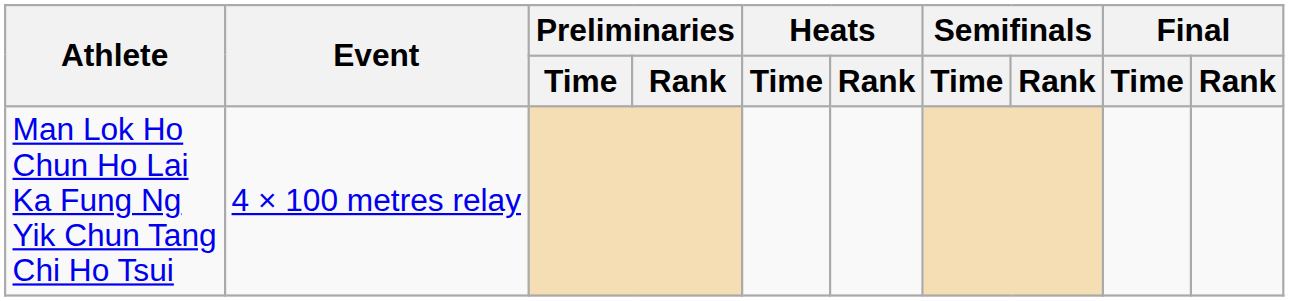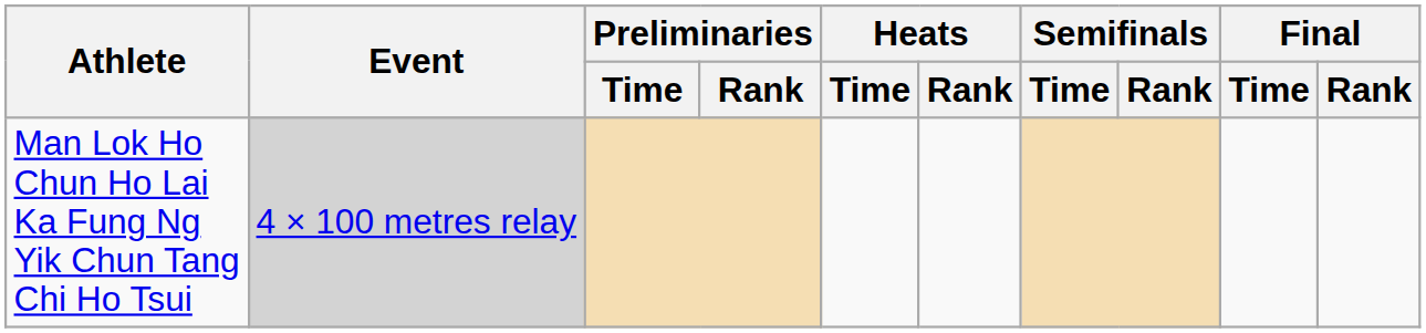 <table class=wikitable style="font-size:90%;">
 <tr>
 <th rowspan="2">Athlete</th>
 <th rowspan="2">Event</th>
 <th colspan="2">Preliminaries</th>
 <th colspan="2">Heats</th>
 <th colspan="2">Semifinals</th>
 <th colspan="2">Final</th>
 </tr>
 <tr>
 <th>Time</th>
 <th>Rank</th>
 <th>Time</th>
 <th>Rank</th>
 <th>Time</th>
 <th>Rank</th>
 <th>Time</th>
 <th>Rank</th>
 </tr>
 <tr style="border-top: single;">
 <td><a href='#'>Man Lok Ho</a><br><a href='#'>Chun Ho Lai</a><br><a href='#'>Ka Fung Ng</a><br><a href='#'>Yik Chun Tang</a><br><a href='#'>Chi Ho Tsui</a></td>
-<td><a href='#'>4 × 100 metres relay</a></td>
+<td style="background: lightgrey;"><a href='#'>4 × 100 metres relay</a></td>
 <td colspan= 2 bgcolor="wheat"></td>
 <td align=center></td>
 <td align=center></td>
 <td colspan= 2 bgcolor="wheat"></td>
 <td align=center></td>
 <td align=center></td>
 </tr>
 </table>
